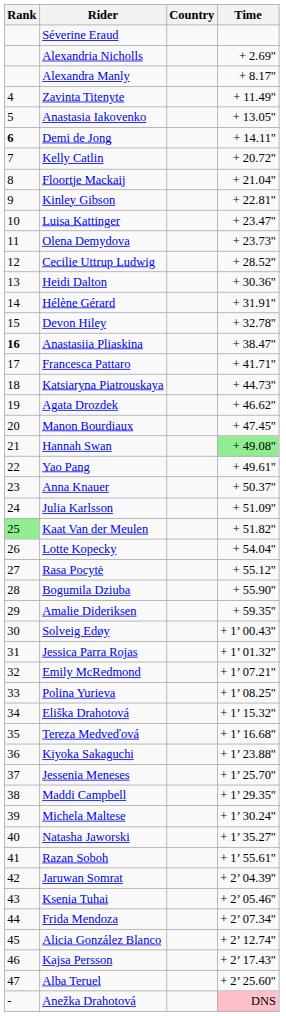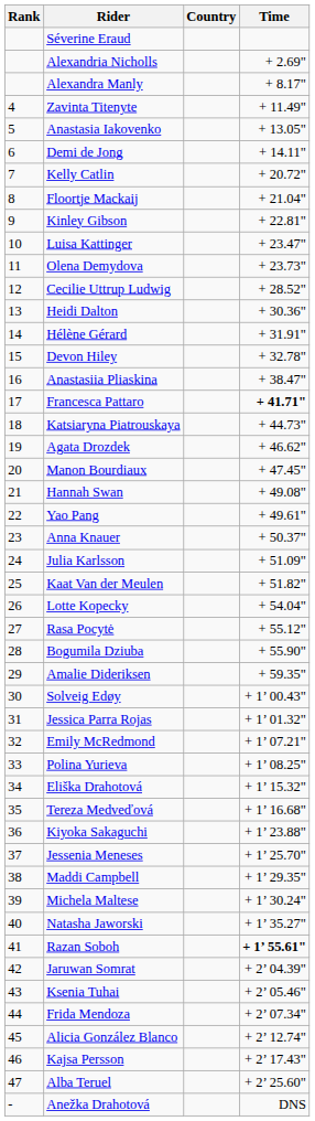 <table class="wikitable" style="font-size:95%; text-align:left;">
 <tr>
 <th>Rank</th>
 <th>Rider</th>
 <th>Country</th>
 <th>Time</th>
 </tr>
 <tr>
 <td></td>
 <td><a href='#'>Séverine Eraud</a></td>
 <td></td>
 <td align=right></td>
 </tr>
 <tr>
 <td></td>
 <td><a href='#'>Alexandria Nicholls</a></td>
 <td></td>
 <td align=right>+ 2.69"</td>
 </tr>
 <tr>
 <td></td>
 <td><a href='#'>Alexandra Manly</a></td>
 <td></td>
 <td align=right>+ 8.17"</td>
 </tr>
 <tr>
 <td>4</td>
 <td><a href='#'>Zavinta Titenyte</a></td>
 <td></td>
 <td align=right>+ 11.49"</td>
 </tr>
 <tr>
 <td>5</td>
 <td><a href='#'>Anastasia Iakovenko</a></td>
 <td></td>
 <td align=right>+ 13.05"</td>
 </tr>
 <tr>
-<td><strong>6</strong></td>
+<td>6</td>
 <td><a href='#'>Demi de Jong</a></td>
 <td></td>
 <td align=right>+ 14.11"</td>
 </tr>
 <tr>
 <td>7</td>
 <td><a href='#'>Kelly Catlin</a></td>
 <td></td>
 <td align=right>+ 20.72"</td>
 </tr>
 <tr>
 <td>8</td>
 <td><a href='#'>Floortje Mackaij</a></td>
 <td></td>
 <td align=right>+ 21.04"</td>
 </tr>
 <tr>
 <td>9</td>
 <td><a href='#'>Kinley Gibson</a></td>
 <td></td>
 <td align=right>+ 22.81"</td>
 </tr>
 <tr>
 <td>10</td>
 <td><a href='#'>Luisa Kattinger</a></td>
 <td></td>
 <td align=right>+ 23.47"</td>
 </tr>
 <tr>
 <td>11</td>
 <td><a href='#'>Olena Demydova</a></td>
 <td></td>
 <td align=right>+ 23.73"</td>
 </tr>
 <tr>
 <td>12</td>
 <td><a href='#'>Cecilie Uttrup Ludwig</a></td>
 <td></td>
 <td align=right>+ 28.52"</td>
 </tr>
 <tr>
 <td>13</td>
 <td><a href='#'>Heidi Dalton</a></td>
 <td></td>
 <td align=right>+ 30.36"</td>
 </tr>
 <tr>
 <td>14</td>
 <td><a href='#'>Hélène Gérard</a></td>
 <td></td>
 <td align=right>+ 31.91"</td>
 </tr>
 <tr>
 <td>15</td>
 <td><a href='#'>Devon Hiley</a></td>
 <td></td>
 <td align=right>+ 32.78"</td>
 </tr>
 <tr>
-<td><strong>16</strong></td>
+<td>16</td>
 <td><a href='#'>Anastasiia Pliaskina</a></td>
 <td></td>
 <td align=right>+ 38.47"</td>
 </tr>
 <tr>
 <td>17</td>
 <td><a href='#'>Francesca Pattaro</a></td>
 <td></td>
-<td align=right>+ 41.71"</td>
+<td align=right><strong>+ 41.71"</strong></td>
 </tr>
 <tr>
 <td>18</td>
 <td><a href='#'>Katsiaryna Piatrouskaya</a></td>
 <td></td>
 <td align=right>+ 44.73"</td>
 </tr>
 <tr>
 <td>19</td>
 <td><a href='#'>Agata Drozdek</a></td>
 <td></td>
 <td align=right>+ 46.62"</td>
 </tr>
 <tr>
 <td>20</td>
 <td><a href='#'>Manon Bourdiaux</a></td>
 <td></td>
 <td align=right>+ 47.45"</td>
 </tr>
 <tr>
 <td>21</td>
 <td><a href='#'>Hannah Swan</a></td>
 <td></td>
-<td align=right style="background: lightgreen;">+ 49.08"</td>
+<td align=right>+ 49.08"</td>
 </tr>
 <tr>
 <td>22</td>
 <td><a href='#'>Yao Pang</a></td>
 <td></td>
 <td align=right>+ 49.61"</td>
 </tr>
 <tr>
 <td>23</td>
 <td><a href='#'>Anna Knauer</a></td>
 <td></td>
 <td align=right>+ 50.37"</td>
 </tr>
 <tr>
 <td>24</td>
 <td><a href='#'>Julia Karlsson</a></td>
 <td></td>
 <td align=right>+ 51.09"</td>
 </tr>
 <tr>
-<td style="background: lightgreen;">25</td>
+<td>25</td>
 <td><a href='#'>Kaat Van der Meulen</a></td>
 <td></td>
 <td align=right>+ 51.82"</td>
 </tr>
 <tr>
 <td>26</td>
 <td><a href='#'>Lotte Kopecky</a></td>
 <td></td>
 <td align=right>+ 54.04"</td>
 </tr>
 <tr>
 <td>27</td>
 <td><a href='#'>Rasa Pocytė</a></td>
 <td></td>
 <td align=right>+ 55.12"</td>
 </tr>
 <tr>
 <td>28</td>
 <td><a href='#'>Bogumila Dziuba</a></td>
 <td></td>
 <td align=right>+ 55.90"</td>
 </tr>
 <tr>
 <td>29</td>
 <td><a href='#'>Amalie Dideriksen</a></td>
 <td></td>
 <td align=right>+ 59.35"</td>
 </tr>
 <tr>
 <td>30</td>
 <td><a href='#'>Solveig Edøy</a></td>
 <td></td>
 <td align=right>+ 1’ 00.43"</td>
 </tr>
 <tr>
 <td>31</td>
 <td><a href='#'>Jessica Parra Rojas</a></td>
 <td></td>
 <td align=right>+ 1’ 01.32"</td>
 </tr>
 <tr>
 <td>32</td>
 <td><a href='#'>Emily McRedmond</a></td>
 <td></td>
 <td align=right>+ 1’ 07.21"</td>
 </tr>
 <tr>
 <td>33</td>
 <td><a href='#'>Polina Yurieva</a></td>
 <td></td>
 <td align=right>+ 1’ 08.25"</td>
 </tr>
 <tr>
 <td>34</td>
 <td><a href='#'>Eliška Drahotová</a></td>
 <td></td>
 <td align=right>+ 1’ 15.32"</td>
 </tr>
 <tr>
 <td>35</td>
 <td><a href='#'>Tereza Medveďová</a></td>
 <td></td>
 <td align=right>+ 1’ 16.68"</td>
 </tr>
 <tr>
 <td>36</td>
 <td><a href='#'>Kiyoka Sakaguchi</a></td>
 <td></td>
 <td align=right>+ 1’ 23.88"</td>
 </tr>
 <tr>
 <td>37</td>
 <td><a href='#'>Jessenia Meneses</a></td>
 <td></td>
 <td align=right>+ 1’ 25.70"</td>
 </tr>
 <tr>
 <td>38</td>
 <td><a href='#'>Maddi Campbell</a></td>
 <td></td>
 <td align=right>+ 1’ 29.35"</td>
 </tr>
 <tr>
 <td>39</td>
 <td><a href='#'>Michela Maltese</a></td>
 <td></td>
 <td align=right>+ 1’ 30.24"</td>
 </tr>
 <tr>
 <td>40</td>
 <td><a href='#'>Natasha Jaworski</a></td>
 <td></td>
 <td align=right>+ 1’ 35.27"</td>
 </tr>
 <tr>
 <td>41</td>
 <td><a href='#'>Razan Soboh</a></td>
 <td></td>
-<td align=right>+ 1’ 55.61"</td>
+<td align=right><strong>+ 1’ 55.61"</strong></td>
 </tr>
 <tr>
 <td>42</td>
 <td><a href='#'>Jaruwan Somrat</a></td>
 <td></td>
 <td align=right>+ 2’ 04.39"</td>
 </tr>
 <tr>
 <td>43</td>
 <td><a href='#'>Ksenia Tuhai</a></td>
 <td></td>
 <td align=right>+ 2’ 05.46"</td>
 </tr>
 <tr>
 <td>44</td>
 <td><a href='#'>Frida Mendoza</a></td>
 <td></td>
 <td align=right>+ 2’ 07.34"</td>
 </tr>
 <tr>
 <td>45</td>
 <td><a href='#'>Alicia González Blanco</a></td>
 <td></td>
 <td align=right>+ 2’ 12.74"</td>
 </tr>
 <tr>
 <td>46</td>
 <td><a href='#'>Kajsa Persson</a></td>
 <td></td>
 <td align=right>+ 2’ 17.43"</td>
 </tr>
 <tr>
 <td>47</td>
 <td><a href='#'>Alba Teruel</a></td>
 <td></td>
 <td align=right>+ 2’ 25.60"</td>
 </tr>
 <tr>
 <td>-</td>
 <td><a href='#'>Anežka Drahotová</a></td>
 <td></td>
-<td align="right" style="background: pink;">DNS</td>
+<td align="right">DNS</td>
 </tr>
 </table>
